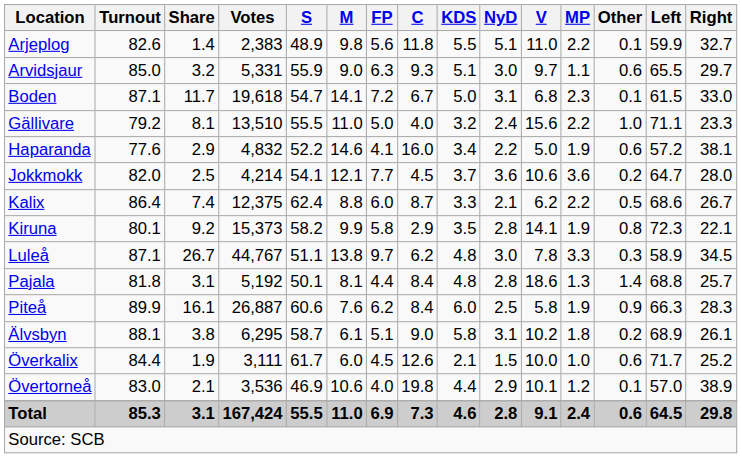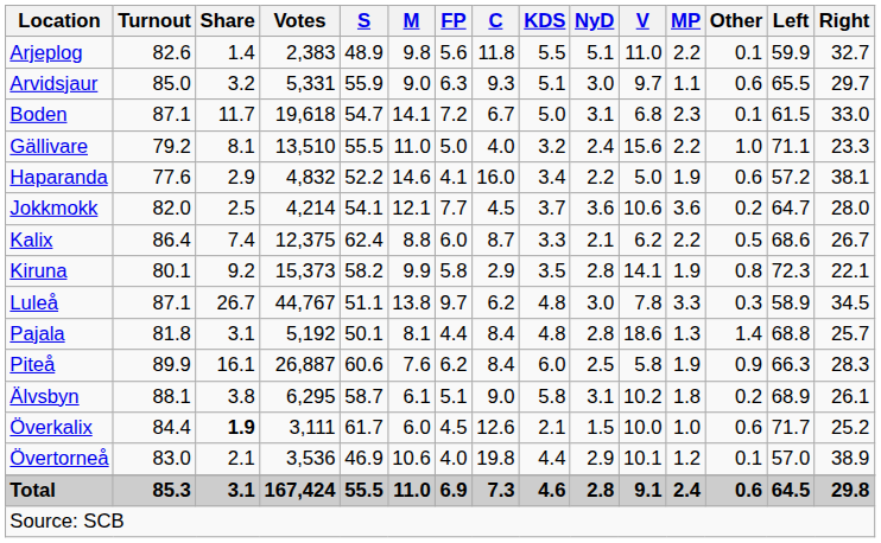 <table class="wikitable sortable" style=text-align:right>
 <tr>
 <th>Location</th>
 <th>Turnout</th>
 <th>Share</th>
 <th>Votes</th>
 <th><a href='#'>S</a></th>
 <th><a href='#'>M</a></th>
 <th><a href='#'>FP</a></th>
 <th><a href='#'>C</a></th>
 <th><a href='#'>KDS</a></th>
 <th><a href='#'>NyD</a></th>
 <th><a href='#'>V</a></th>
 <th><a href='#'>MP</a></th>
 <th>Other</th>
 <th>Left</th>
 <th>Right</th>
 </tr>
 <tr>
 <td align=left><a href='#'>Arjeplog</a></td>
 <td>82.6</td>
 <td>1.4</td>
 <td>2,383</td>
 <td>48.9</td>
 <td>9.8</td>
 <td>5.6</td>
 <td>11.8</td>
 <td>5.5</td>
 <td>5.1</td>
 <td>11.0</td>
 <td>2.2</td>
 <td>0.1</td>
 <td>59.9</td>
 <td>32.7</td>
 </tr>
 <tr>
 <td align=left><a href='#'>Arvidsjaur</a></td>
 <td>85.0</td>
 <td>3.2</td>
 <td>5,331</td>
 <td>55.9</td>
 <td>9.0</td>
 <td>6.3</td>
 <td>9.3</td>
 <td>5.1</td>
 <td>3.0</td>
 <td>9.7</td>
 <td>1.1</td>
 <td>0.6</td>
 <td>65.5</td>
 <td>29.7</td>
 </tr>
 <tr>
 <td align=left><a href='#'>Boden</a></td>
 <td>87.1</td>
 <td>11.7</td>
 <td>19,618</td>
 <td>54.7</td>
 <td>14.1</td>
 <td>7.2</td>
 <td>6.7</td>
 <td>5.0</td>
 <td>3.1</td>
 <td>6.8</td>
 <td>2.3</td>
 <td>0.1</td>
 <td>61.5</td>
 <td>33.0</td>
 </tr>
 <tr>
 <td align=left><a href='#'>Gällivare</a></td>
 <td>79.2</td>
 <td>8.1</td>
 <td>13,510</td>
 <td>55.5</td>
 <td>11.0</td>
 <td>5.0</td>
 <td>4.0</td>
 <td>3.2</td>
 <td>2.4</td>
 <td>15.6</td>
 <td>2.2</td>
 <td>1.0</td>
 <td>71.1</td>
 <td>23.3</td>
 </tr>
 <tr>
 <td align=left><a href='#'>Haparanda</a></td>
 <td>77.6</td>
 <td>2.9</td>
 <td>4,832</td>
 <td>52.2</td>
 <td>14.6</td>
 <td>4.1</td>
 <td>16.0</td>
 <td>3.4</td>
 <td>2.2</td>
 <td>5.0</td>
 <td>1.9</td>
 <td>0.6</td>
 <td>57.2</td>
 <td>38.1</td>
 </tr>
 <tr>
 <td align=left><a href='#'>Jokkmokk</a></td>
 <td>82.0</td>
 <td>2.5</td>
 <td>4,214</td>
 <td>54.1</td>
 <td>12.1</td>
 <td>7.7</td>
 <td>4.5</td>
 <td>3.7</td>
 <td>3.6</td>
 <td>10.6</td>
 <td>3.6</td>
 <td>0.2</td>
 <td>64.7</td>
 <td>28.0</td>
 </tr>
 <tr>
 <td align=left><a href='#'>Kalix</a></td>
 <td>86.4</td>
 <td>7.4</td>
 <td>12,375</td>
 <td>62.4</td>
 <td>8.8</td>
 <td>6.0</td>
 <td>8.7</td>
 <td>3.3</td>
 <td>2.1</td>
 <td>6.2</td>
 <td>2.2</td>
 <td>0.5</td>
 <td>68.6</td>
 <td>26.7</td>
 </tr>
 <tr>
 <td align=left><a href='#'>Kiruna</a></td>
 <td>80.1</td>
 <td>9.2</td>
 <td>15,373</td>
 <td>58.2</td>
 <td>9.9</td>
 <td>5.8</td>
 <td>2.9</td>
 <td>3.5</td>
 <td>2.8</td>
 <td>14.1</td>
 <td>1.9</td>
 <td>0.8</td>
 <td>72.3</td>
 <td>22.1</td>
 </tr>
 <tr>
 <td align=left><a href='#'>Luleå</a></td>
 <td>87.1</td>
 <td>26.7</td>
 <td>44,767</td>
 <td>51.1</td>
 <td>13.8</td>
 <td>9.7</td>
 <td>6.2</td>
 <td>4.8</td>
 <td>3.0</td>
 <td>7.8</td>
 <td>3.3</td>
 <td>0.3</td>
 <td>58.9</td>
 <td>34.5</td>
 </tr>
 <tr>
 <td align=left><a href='#'>Pajala</a></td>
 <td>81.8</td>
 <td>3.1</td>
 <td>5,192</td>
 <td>50.1</td>
 <td>8.1</td>
 <td>4.4</td>
 <td>8.4</td>
 <td>4.8</td>
 <td>2.8</td>
 <td>18.6</td>
 <td>1.3</td>
 <td>1.4</td>
 <td>68.8</td>
 <td>25.7</td>
 </tr>
 <tr>
 <td align=left><a href='#'>Piteå</a></td>
 <td>89.9</td>
 <td>16.1</td>
 <td>26,887</td>
 <td>60.6</td>
 <td>7.6</td>
 <td>6.2</td>
 <td>8.4</td>
 <td>6.0</td>
 <td>2.5</td>
 <td>5.8</td>
 <td>1.9</td>
 <td>0.9</td>
 <td>66.3</td>
 <td>28.3</td>
 </tr>
 <tr>
 <td align=left><a href='#'>Älvsbyn</a></td>
 <td>88.1</td>
 <td>3.8</td>
 <td>6,295</td>
 <td>58.7</td>
 <td>6.1</td>
 <td>5.1</td>
 <td>9.0</td>
 <td>5.8</td>
 <td>3.1</td>
 <td>10.2</td>
 <td>1.8</td>
 <td>0.2</td>
 <td>68.9</td>
 <td>26.1</td>
 </tr>
 <tr>
 <td align=left><a href='#'>Överkalix</a></td>
 <td>84.4</td>
-<td>1.9</td>
+<td><strong>1.9</strong></td>
 <td>3,111</td>
 <td>61.7</td>
 <td>6.0</td>
 <td>4.5</td>
 <td>12.6</td>
 <td>2.1</td>
 <td>1.5</td>
 <td>10.0</td>
 <td>1.0</td>
 <td>0.6</td>
 <td>71.7</td>
 <td>25.2</td>
 </tr>
 <tr>
 <td align=left><a href='#'>Övertorneå</a></td>
 <td>83.0</td>
 <td>2.1</td>
 <td>3,536</td>
 <td>46.9</td>
 <td>10.6</td>
 <td>4.0</td>
 <td>19.8</td>
 <td>4.4</td>
 <td>2.9</td>
 <td>10.1</td>
 <td>1.2</td>
 <td>0.1</td>
 <td>57.0</td>
 <td>38.9</td>
 </tr>
 <tr>
 </tr>
 <tr style="background:#CDCDCD;">
 <td align=left><strong>Total</strong></td>
 <td><strong>85.3</strong></td>
 <td><strong>3.1</strong></td>
 <td><strong>167,424</strong></td>
 <td><strong>55.5</strong></td>
 <td><strong>11.0</strong></td>
 <td><strong>6.9</strong></td>
 <td><strong>7.3</strong></td>
 <td><strong>4.6</strong></td>
 <td><strong>2.8</strong></td>
 <td><strong>9.1</strong></td>
 <td><strong>2.4</strong></td>
 <td><strong>0.6</strong></td>
 <td><strong>64.5</strong></td>
 <td><strong>29.8</strong></td>
 </tr>
 <tr>
 <td align=left colspan=15>Source: SCB </td>
 </tr>
 </table>
